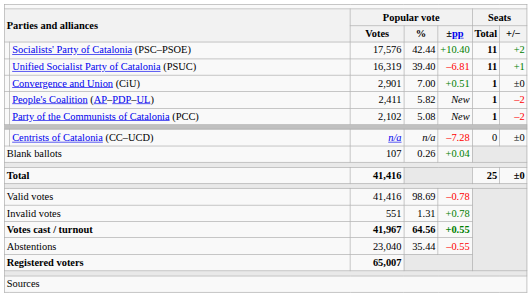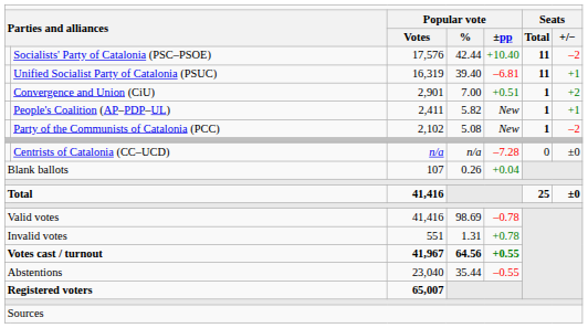 <table class="wikitable" style="text-align:right;">
 <tr>
 <td colspan="7"></td>
 </tr>
 <tr>
 <th style="text-align:left;" rowspan="2" colspan="2" width="525">Parties and alliances</th>
 <th colspan="3">Popular vote</th>
 <th colspan="2">Seats</th>
 </tr>
 <tr>
 <th width="75">Votes</th>
 <th width="45">%</th>
 <th width="45">±<a href='#'>pp</a></th>
 <th width="35">Total</th>
 <th width="35">+/−</th>
 </tr>
 <tr>
 <td width="1" style="color:inherit;background:"></td>
 <td align="left"><a href='#'>Socialists' Party of Catalonia</a> (PSC–PSOE)</td>
 <td>17,576</td>
 <td>42.44</td>
 <td style="color:green;">+10.40</td>
 <td><strong>11</strong></td>
-<td style="color:green;">+2</td>
+<td style="color:red;">–2</td>
 </tr>
 <tr>
 <td style="color:inherit;background:"></td>
 <td align="left"><a href='#'>Unified Socialist Party of Catalonia</a> (PSUC)</td>
 <td>16,319</td>
 <td>39.40</td>
 <td style="color:red;">–6.81</td>
 <td><strong>11</strong></td>
 <td style="color:green;">+1</td>
 </tr>
 <tr>
 <td style="color:inherit;background:"></td>
 <td align="left"><a href='#'>Convergence and Union</a> (CiU)</td>
 <td>2,901</td>
 <td>7.00</td>
 <td style="color:green;">+0.51</td>
 <td><strong>1</strong></td>
-<td>±0</td>
+<td style="color:green;">+2</td>
 </tr>
 <tr>
 <td style="color:inherit;background:"></td>
 <td align="left"><a href='#'>People's Coalition</a> (<a href='#'>AP</a>–<a href='#'>PDP</a>–<a href='#'>UL</a>)</td>
 <td>2,411</td>
 <td>5.82</td>
 <td><em>New</em></td>
 <td><strong>1</strong></td>
-<td style="color:red;">–2</td>
+<td style="color:green;">+1</td>
 </tr>
 <tr>
 <td style="color:inherit;background:"></td>
 <td align="left"><a href='#'>Party of the Communists of Catalonia</a> (PCC)</td>
 <td>2,102</td>
 <td>5.08</td>
 <td><em>New</em></td>
 <td><strong>1</strong></td>
 <td style="color:red;">–2</td>
 </tr>
 <tr>
 <td colspan="7" style="color:inherit;background:#C0C0C0"></td>
 </tr>
 <tr>
 <td style="color:inherit;background:"></td>
 <td align="left"><a href='#'>Centrists of Catalonia</a> (CC–UCD)</td>
 <td><em><a href='#'>n/a</a></em></td>
 <td><em>n/a</em></td>
 <td style="color:red;">–7.28</td>
 <td>0</td>
 <td>±0</td>
 </tr>
 <tr>
 <td align="left" colspan="2">Blank ballots</td>
 <td>107</td>
 <td>0.26</td>
 <td style="color:green;">+0.04</td>
 <td style="color:inherit;background:#E9E9E9" colspan="2"></td>
 </tr>
 <tr>
 <td colspan="7" style="color:inherit;background:#E9E9E9"></td>
 </tr>
 <tr style="font-weight:bold;">
 <td align="left" colspan="2">Total</td>
 <td>41,416</td>
 <td bgcolor="#E9E9E9" colspan="2"></td>
 <td>25</td>
 <td>±0</td>
 </tr>
 <tr>
 <td colspan="7" style="color:inherit;background:#E9E9E9"></td>
 </tr>
 <tr>
 <td align="left" colspan="2">Valid votes</td>
 <td>41,416</td>
 <td>98.69</td>
 <td style="color:red;">–0.78</td>
 <td bgcolor="#E9E9E9" colspan="2" rowspan="5"></td>
 </tr>
 <tr>
 <td align="left" colspan="2">Invalid votes</td>
 <td>551</td>
 <td>1.31</td>
 <td style="color:green;">+0.78</td>
 </tr>
 <tr style="font-weight:bold;">
 <td align="left" colspan="2">Votes cast / turnout</td>
 <td>41,967</td>
 <td>64.56</td>
 <td style="color:green;">+0.55</td>
 </tr>
 <tr>
 <td align="left" colspan="2">Abstentions</td>
 <td>23,040</td>
 <td>35.44</td>
 <td style="color:red;">–0.55</td>
 </tr>
 <tr style="font-weight:bold;">
 <td align="left" colspan="2">Registered voters</td>
 <td>65,007</td>
 <td bgcolor="#E9E9E9" colspan="2"></td>
 </tr>
 <tr>
 <td colspan="7" style="color:inherit;background:#E9E9E9"></td>
 </tr>
 <tr>
 <td align="left" colspan="7">Sources</td>
 </tr>
 </table>
